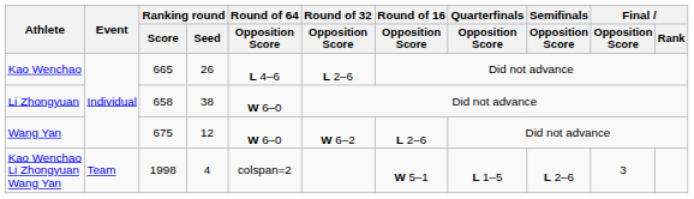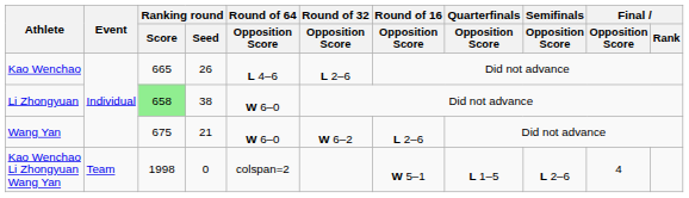 <table class="wikitable" style="font-size:90%; text-align:center">
 <tr>
 <th rowspan=2>Athlete</th>
 <th rowspan=2>Event</th>
 <th colspan="2">Ranking round</th>
 <th>Round of 64</th>
 <th>Round of 32</th>
 <th>Round of 16</th>
 <th>Quarterfinals</th>
 <th>Semifinals</th>
 <th colspan="2">Final / </th>
 </tr>
 <tr style="font-size:95%">
 <th>Score</th>
 <th>Seed</th>
 <th>Opposition<br>Score</th>
 <th>Opposition<br>Score</th>
 <th>Opposition<br>Score</th>
 <th>Opposition<br>Score</th>
 <th>Opposition<br>Score</th>
 <th>Opposition<br>Score</th>
 <th>Rank</th>
 </tr>
 <tr>
 <td align=left><a href='#'>Kao Wenchao</a></td>
 <td align=left rowspan=3><a href='#'>Individual</a></td>
 <td>665</td>
 <td>26</td>
 <td><br><strong>L</strong> 4–6</td>
 <td><br><strong>L</strong> 2–6</td>
 <td colspan=5>Did not advance</td>
 </tr>
 <tr>
 <td align=left><a href='#'>Li Zhongyuan</a></td>
-<td>658</td>
+<td style="background: lightgreen;">658</td>
 <td>38</td>
 <td><br><strong>W</strong> 6–0</td>
 <td colspan=6>Did not advance</td>
 </tr>
 <tr>
 <td align=left><a href='#'>Wang Yan</a></td>
 <td>675</td>
-<td>12</td>
+<td>21</td>
 <td><br><strong>W</strong> 6–0</td>
 <td><br><strong>W</strong> 6–2</td>
 <td><br><strong>L</strong> 2–6</td>
 <td colspan=4>Did not advance</td>
 </tr>
 <tr align=center>
 <td align=left><a href='#'>Kao Wenchao</a><br><a href='#'>Li Zhongyuan</a><br><a href='#'>Wang Yan</a></td>
 <td align=left><a href='#'>Team</a></td>
 <td>1998</td>
-<td>4</td>
+<td>0</td>
 <td>colspan=2 </td>
 <td></td>
 <td><br><strong>W</strong> 5–1</td>
 <td><br><strong>L</strong> 1–5</td>
 <td><br><strong>L</strong> 2–6</td>
-<td>3</td>
+<td>4</td>
 </tr>
 </table>
